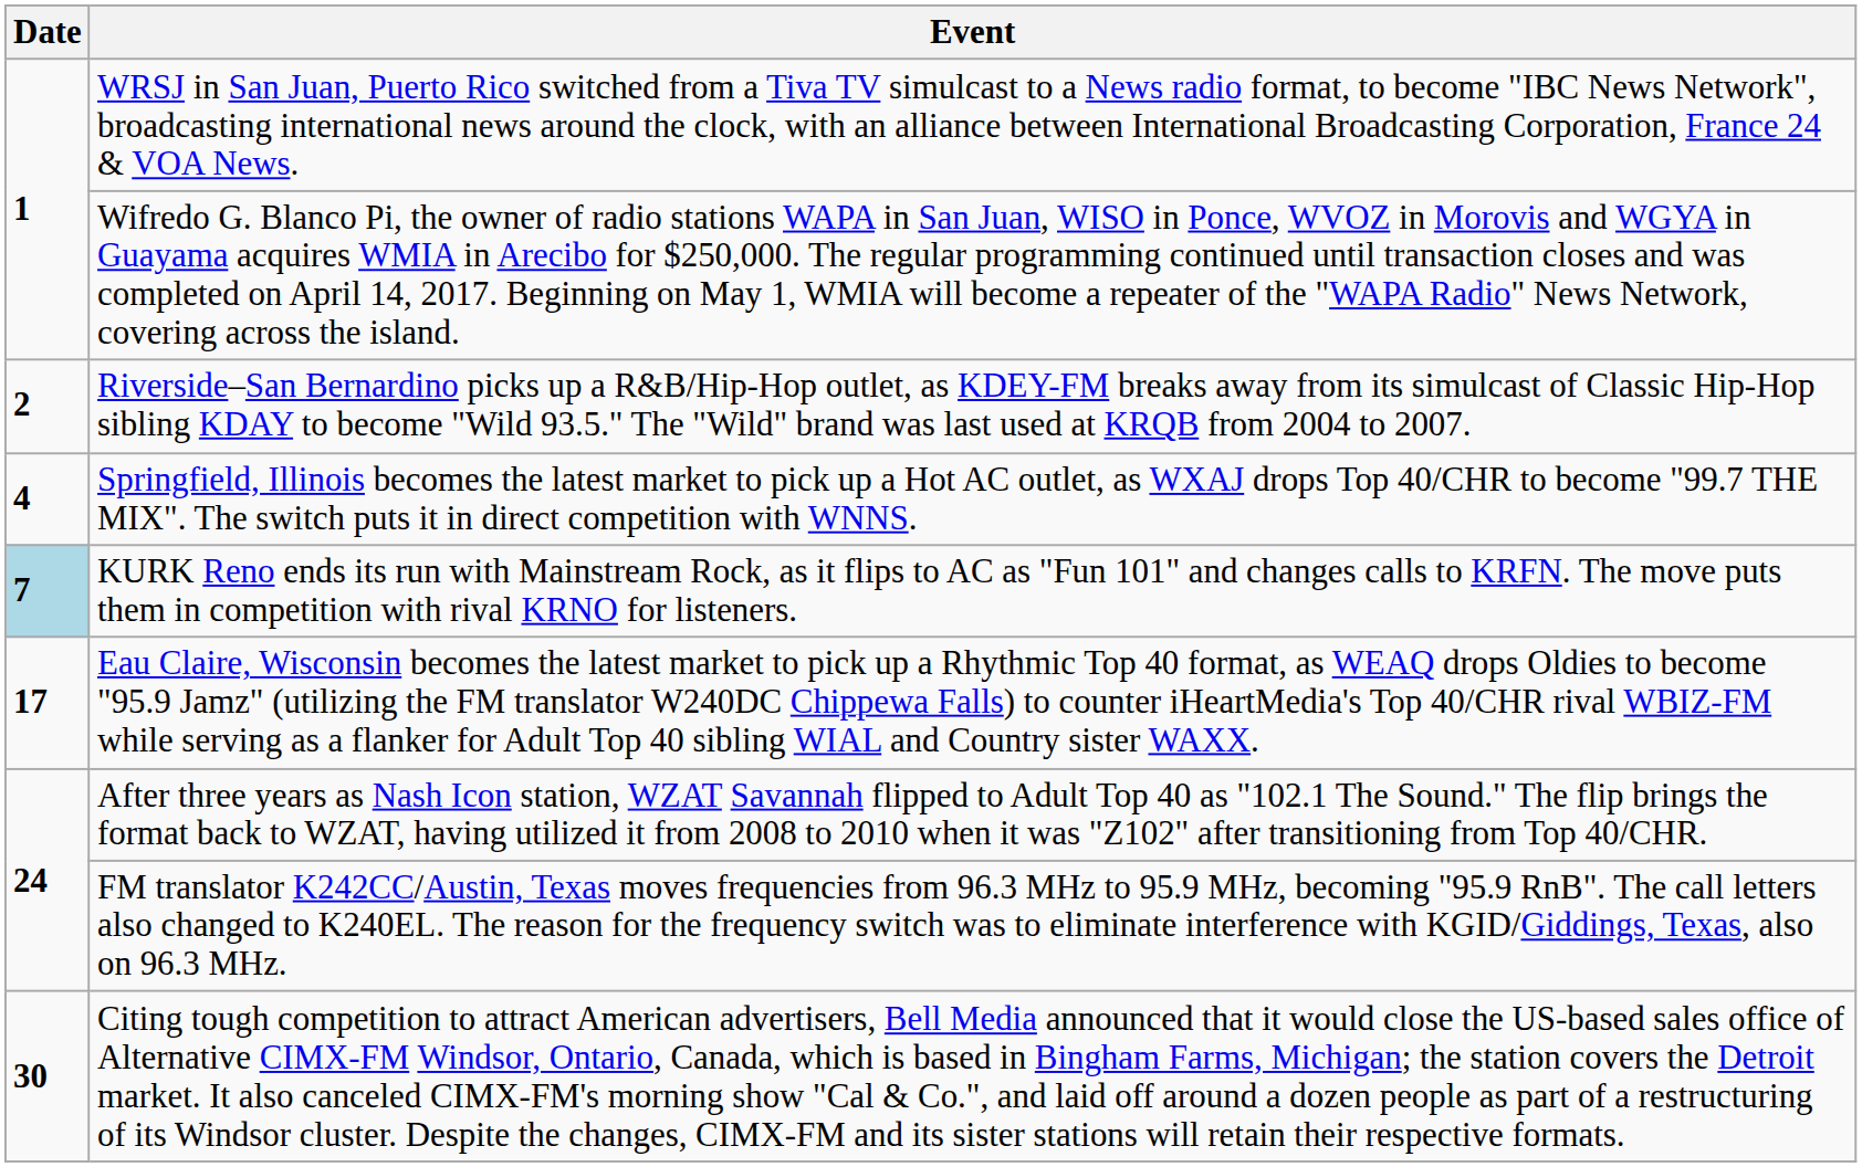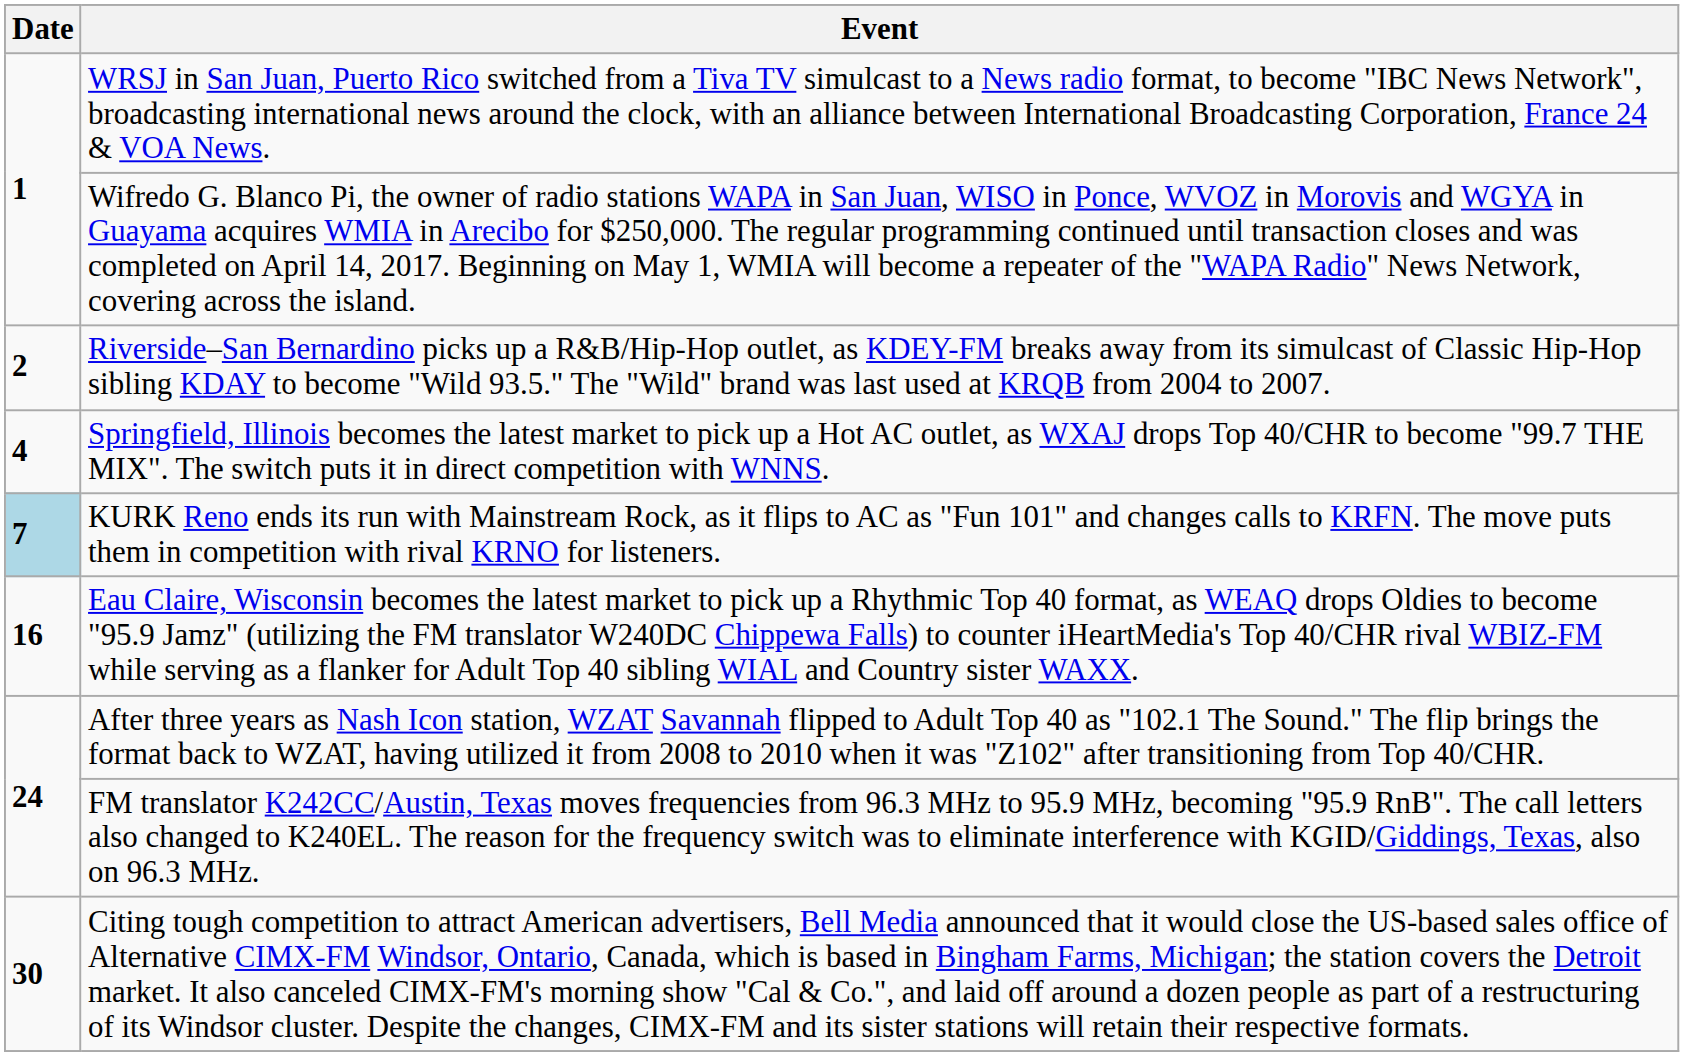 <table class="wikitable">
 <tr>
 <th>Date</th>
 <th>Event</th>
 </tr>
 <tr>
 <td rowspan=2><strong>1</strong></td>
 <td><a href='#'>WRSJ</a> in <a href='#'>San Juan, Puerto Rico</a> switched from a <a href='#'>Tiva TV</a> simulcast to a <a href='#'>News radio</a> format, to become "IBC News Network", broadcasting international news around the clock, with an alliance between International Broadcasting Corporation, <a href='#'>France 24</a> & <a href='#'>VOA News</a>.</td>
 </tr>
 <tr>
 <td>Wifredo G. Blanco Pi, the owner of radio stations <a href='#'>WAPA</a> in <a href='#'>San Juan</a>, <a href='#'>WISO</a> in <a href='#'>Ponce</a>, <a href='#'>WVOZ</a> in <a href='#'>Morovis</a> and <a href='#'>WGYA</a> in <a href='#'>Guayama</a> acquires <a href='#'>WMIA</a> in <a href='#'>Arecibo</a> for $250,000. The regular programming continued until transaction closes and was completed on April 14, 2017. Beginning on May 1, WMIA will become a repeater of the "<a href='#'>WAPA Radio</a>" News Network, covering across the island.</td>
 </tr>
 <tr>
 <td><strong>2</strong></td>
 <td><a href='#'>Riverside</a>–<a href='#'>San Bernardino</a> picks up a R&B/Hip-Hop outlet, as <a href='#'>KDEY-FM</a> breaks away from its simulcast of Classic Hip-Hop sibling <a href='#'>KDAY</a> to become "Wild 93.5." The "Wild" brand was last used at <a href='#'>KRQB</a> from 2004 to 2007.</td>
 </tr>
 <tr>
 <td><strong>4</strong></td>
 <td><a href='#'>Springfield, Illinois</a> becomes the latest market to pick up a Hot AC outlet, as <a href='#'>WXAJ</a> drops Top 40/CHR to become "99.7 THE MIX". The switch puts it in direct competition with <a href='#'>WNNS</a>.</td>
 </tr>
 <tr>
 <td style="background: lightblue;"><strong>7</strong></td>
 <td>KURK <a href='#'>Reno</a> ends its run with Mainstream Rock, as it flips to AC as "Fun 101" and changes calls to <a href='#'>KRFN</a>. The move puts them in competition with rival <a href='#'>KRNO</a> for listeners.</td>
 </tr>
 <tr>
-<td><strong>17</strong></td>
+<td><strong>16</strong></td>
 <td><a href='#'>Eau Claire, Wisconsin</a> becomes the latest market to pick up a Rhythmic Top 40 format, as <a href='#'>WEAQ</a> drops Oldies to become "95.9 Jamz" (utilizing the FM translator W240DC <a href='#'>Chippewa Falls</a>) to counter iHeartMedia's Top 40/CHR rival <a href='#'>WBIZ-FM</a> while serving as a flanker for Adult Top 40 sibling <a href='#'>WIAL</a> and Country sister <a href='#'>WAXX</a>.</td>
 </tr>
 <tr>
 <td rowspan=2><strong>24</strong></td>
 <td>After three years as <a href='#'>Nash Icon</a> station, <a href='#'>WZAT</a> <a href='#'>Savannah</a> flipped to Adult Top 40 as "102.1 The Sound." The flip brings the format back to WZAT, having utilized it from 2008 to 2010 when it was "Z102" after transitioning from Top 40/CHR.</td>
 </tr>
 <tr>
 <td>FM translator <a href='#'>K242CC</a>/<a href='#'>Austin, Texas</a> moves frequencies from 96.3 MHz to 95.9 MHz, becoming "95.9 RnB". The call letters also changed to K240EL. The reason for the frequency switch was to eliminate interference with KGID/<a href='#'>Giddings, Texas</a>, also on 96.3 MHz.</td>
 </tr>
 <tr>
 <td><strong>30</strong></td>
 <td>Citing tough competition to attract American advertisers, <a href='#'>Bell Media</a> announced that it would close the US-based sales office of Alternative <a href='#'>CIMX-FM</a> <a href='#'>Windsor, Ontario</a>, Canada, which is based in <a href='#'>Bingham Farms, Michigan</a>; the station covers the <a href='#'>Detroit</a> market. It also canceled CIMX-FM's morning show "Cal & Co.", and laid off around a dozen people as part of a restructuring of its Windsor cluster. Despite the changes, CIMX-FM and its sister stations will retain their respective formats.</td>
 </tr>
 </table>
